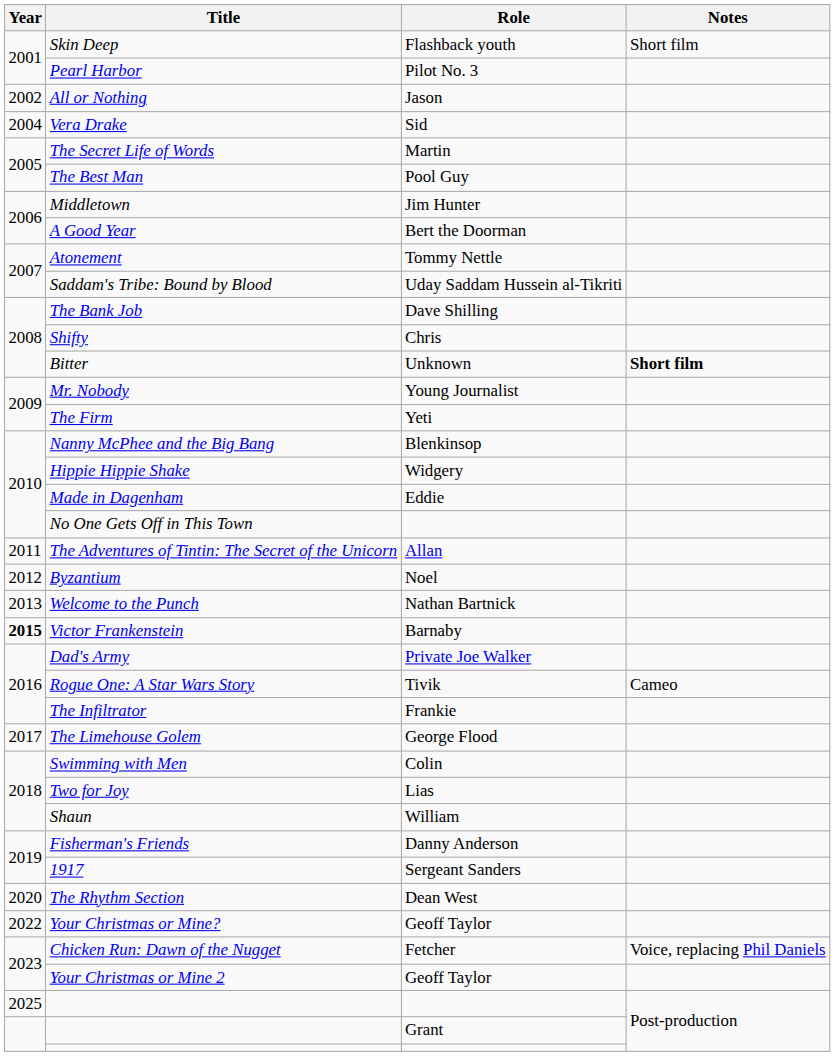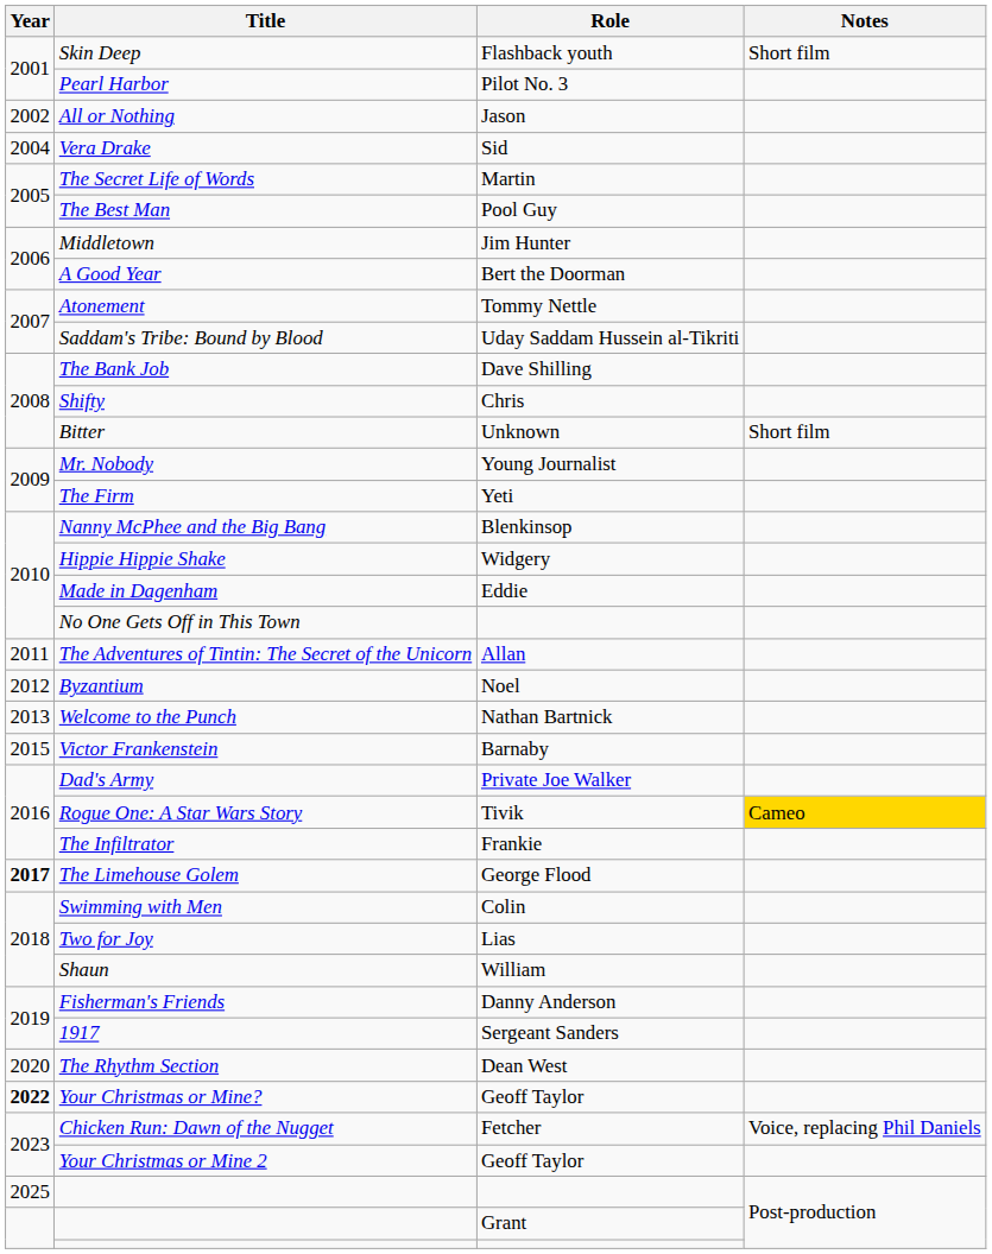 <table class="wikitable plainrowheaders sortable">
 <tr>
 <th scope="col">Year</th>
 <th scope="col">Title</th>
 <th scope="col">Role</th>
 <th class="unsortable">Notes</th>
 </tr>
 <tr>
 <td rowspan="2">2001</td>
 <td><em>Skin Deep</em></td>
 <td>Flashback youth</td>
 <td>Short film</td>
 </tr>
 <tr>
 <td><em><a href='#'>Pearl Harbor</a></em></td>
 <td>Pilot No. 3</td>
 <td></td>
 </tr>
 <tr>
 <td>2002</td>
 <td><em><a href='#'>All or Nothing</a></em></td>
 <td>Jason</td>
 <td></td>
 </tr>
 <tr>
 <td>2004</td>
 <td><em><a href='#'>Vera Drake</a></em></td>
 <td>Sid</td>
 <td></td>
 </tr>
 <tr>
 <td rowspan="2">2005</td>
 <td><em><a href='#'>The Secret Life of Words</a></em></td>
 <td>Martin</td>
 <td></td>
 </tr>
 <tr>
 <td><em><a href='#'>The Best Man</a></em></td>
 <td>Pool Guy</td>
 <td></td>
 </tr>
 <tr>
 <td rowspan="2">2006</td>
 <td><em>Middletown</em></td>
 <td>Jim Hunter</td>
 <td></td>
 </tr>
 <tr>
 <td><em><a href='#'>A Good Year</a></em></td>
 <td>Bert the Doorman</td>
 <td></td>
 </tr>
 <tr>
 <td rowspan="2">2007</td>
 <td><em><a href='#'>Atonement</a></em></td>
 <td>Tommy Nettle</td>
 <td></td>
 </tr>
 <tr>
 <td><em>Saddam's Tribe: Bound by Blood</em></td>
 <td>Uday Saddam Hussein al-Tikriti</td>
 <td></td>
 </tr>
 <tr>
 <td rowspan="3">2008</td>
 <td><em><a href='#'>The Bank Job</a></em></td>
 <td>Dave Shilling</td>
 <td></td>
 </tr>
 <tr>
 <td><em><a href='#'>Shifty</a></em></td>
 <td>Chris</td>
 <td></td>
 </tr>
 <tr>
 <td><em>Bitter</em></td>
 <td>Unknown</td>
-<td><strong>Short film</strong></td>
+<td>Short film</td>
 </tr>
 <tr>
 <td rowspan="2">2009</td>
 <td><em><a href='#'>Mr. Nobody</a></em></td>
 <td>Young Journalist</td>
 <td></td>
 </tr>
 <tr>
 <td><em><a href='#'>The Firm</a></em></td>
 <td>Yeti</td>
 <td></td>
 </tr>
 <tr>
 <td rowspan="4">2010</td>
 <td><em><a href='#'>Nanny McPhee and the Big Bang</a></em></td>
 <td>Blenkinsop</td>
 <td></td>
 </tr>
 <tr>
 <td><em><a href='#'>Hippie Hippie Shake</a></em></td>
 <td>Widgery</td>
 <td></td>
 </tr>
 <tr>
 <td><em><a href='#'>Made in Dagenham</a></em></td>
 <td>Eddie</td>
 <td></td>
 </tr>
 <tr>
 <td><em>No One Gets Off in This Town</em></td>
 <td></td>
 <td></td>
 </tr>
 <tr>
 <td>2011</td>
 <td><em><a href='#'>The Adventures of Tintin: The Secret of the Unicorn</a></em></td>
 <td><a href='#'>Allan</a></td>
 <td></td>
 </tr>
 <tr>
 <td>2012</td>
 <td><em><a href='#'>Byzantium</a></em></td>
 <td>Noel</td>
 <td></td>
 </tr>
 <tr>
 <td>2013</td>
 <td><em><a href='#'>Welcome to the Punch</a></em></td>
 <td>Nathan Bartnick</td>
 <td></td>
 </tr>
 <tr>
-<td><strong>2015</strong></td>
+<td>2015</td>
 <td><em><a href='#'>Victor Frankenstein</a></em></td>
 <td>Barnaby</td>
 <td></td>
 </tr>
 <tr>
 <td rowspan="3">2016</td>
 <td><em><a href='#'>Dad's Army</a></em></td>
 <td><a href='#'>Private Joe Walker</a></td>
 <td></td>
 </tr>
 <tr>
 <td><em><a href='#'>Rogue One: A Star Wars Story</a></em></td>
 <td>Tivik</td>
-<td>Cameo</td>
+<td style="background: gold;">Cameo</td>
 </tr>
 <tr>
 <td><em><a href='#'>The Infiltrator</a></em></td>
 <td>Frankie</td>
 <td></td>
 </tr>
 <tr>
-<td>2017</td>
+<td><strong>2017</strong></td>
 <td><em><a href='#'>The Limehouse Golem</a></em></td>
 <td>George Flood</td>
 <td></td>
 </tr>
 <tr>
 <td rowspan="3">2018</td>
 <td><em><a href='#'>Swimming with Men</a></em></td>
 <td>Colin</td>
 <td></td>
 </tr>
 <tr>
 <td><em><a href='#'>Two for Joy</a></em></td>
 <td>Lias</td>
 <td></td>
 </tr>
 <tr>
 <td><em>Shaun</em></td>
 <td>William</td>
 <td></td>
 </tr>
 <tr>
 <td rowspan="2">2019</td>
 <td><em><a href='#'>Fisherman's Friends</a></em></td>
 <td>Danny Anderson</td>
 <td></td>
 </tr>
 <tr>
 <td><em><a href='#'>1917</a></em></td>
 <td>Sergeant Sanders</td>
 <td></td>
 </tr>
 <tr>
 <td>2020</td>
 <td><em><a href='#'>The Rhythm Section</a></em></td>
 <td>Dean West</td>
 <td></td>
 </tr>
 <tr>
-<td>2022</td>
+<td><strong>2022</strong></td>
 <td><em><a href='#'>Your Christmas or Mine?</a></em></td>
 <td>Geoff Taylor</td>
 <td></td>
 </tr>
 <tr>
 <td rowspan="2">2023</td>
 <td><em><a href='#'>Chicken Run: Dawn of the Nugget</a></em></td>
 <td>Fetcher</td>
 <td>Voice, replacing <a href='#'>Phil Daniels</a></td>
 </tr>
 <tr>
 <td><em><a href='#'>Your Christmas or Mine 2</a></em></td>
 <td>Geoff Taylor</td>
 <td></td>
 </tr>
 <tr>
 <td>2025</td>
 <td></td>
 <td></td>
 <td rowspan="3">Post-production</td>
 </tr>
 <tr>
 <td rowspan="2"></td>
 <td></td>
 <td>Grant</td>
 </tr>
 <tr>
 <td></td>
 <td></td>
 </tr>
 </table>
